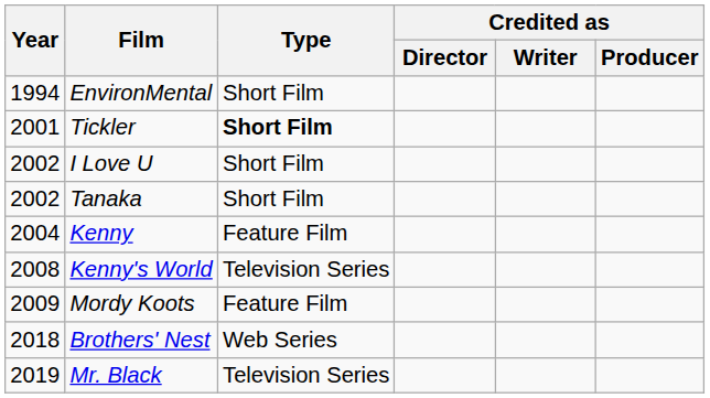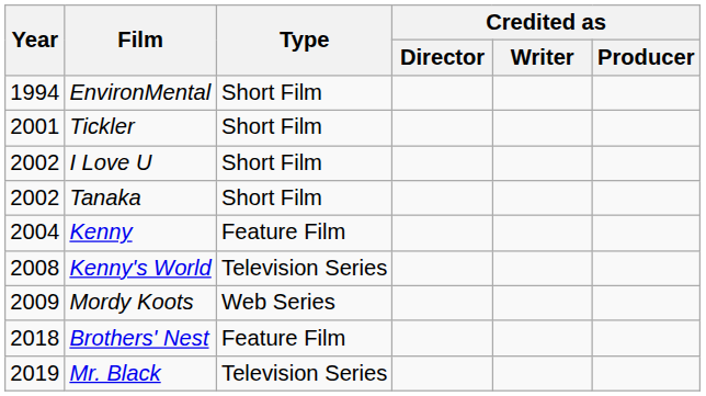 <table class="wikitable" style="text-align:left">
 <tr>
 <th rowspan=2 style=width:33px>Year</th>
 <th rowspan=2>Film</th>
 <th rowspan=2>Type</th>
 <th colspan=3>Credited as</th>
 </tr>
 <tr>
 <th width=65>Director</th>
 <th width=65>Writer</th>
 <th width=65>Producer</th>
 </tr>
 <tr>
 <td>1994</td>
 <td style="text-align:left;"><em>EnvironMental</em></td>
 <td>Short Film</td>
 <td></td>
 <td></td>
 <td></td>
 </tr>
 <tr>
 <td>2001</td>
 <td style="text-align:left;"><em>Tickler</em></td>
-<td><strong>Short Film</strong></td>
+<td>Short Film</td>
 <td></td>
 <td></td>
 <td></td>
 </tr>
 <tr>
 <td>2002</td>
 <td style="text-align:left;"><em>I Love U</em></td>
 <td>Short Film</td>
 <td></td>
 <td></td>
 <td></td>
 </tr>
 <tr>
 <td>2002</td>
 <td style="text-align:left;"><em>Tanaka</em></td>
 <td>Short Film</td>
 <td></td>
 <td></td>
 <td></td>
 </tr>
 <tr>
 <td>2004</td>
 <td style="text-align:left;"><em><a href='#'>Kenny</a></em></td>
 <td>Feature Film</td>
 <td></td>
 <td></td>
 <td></td>
 </tr>
 <tr>
 <td>2008</td>
 <td style="ext-align:left"><em><a href='#'>Kenny's World</a></em></td>
 <td>Television Series</td>
 <td></td>
 <td></td>
 <td></td>
 </tr>
 <tr>
 <td>2009</td>
 <td style=text-align:left><em>Mordy Koots</em></td>
-<td>Feature Film</td>
+<td>Web Series</td>
 <td></td>
 <td></td>
 <td></td>
 </tr>
 <tr>
 <td>2018</td>
 <td style=text-align:left><em><a href='#'>Brothers' Nest</a></em></td>
-<td>Web Series</td>
+<td>Feature Film</td>
 <td></td>
 <td></td>
 <td></td>
 </tr>
 <tr>
 <td>2019</td>
 <td style=text-align:left><em><a href='#'>Mr. Black</a></em></td>
 <td>Television Series</td>
 <td></td>
 <td></td>
 <td></td>
 </tr>
 </table>
